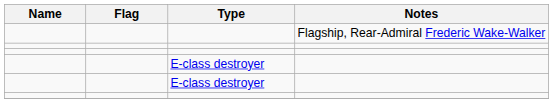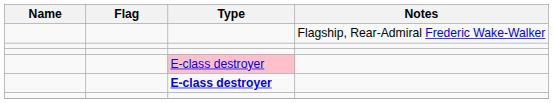 <table class="wikitable sortable">
 <tr>
 <th scope="col" width="100px">Name</th>
 <th scope="col" width="100px">Flag</th>
 <th scope="col" width="160px">Type</th>
 <th>Notes</th>
 </tr>
 <tr>
 <td></td>
 <td></td>
 <td></td>
 <td>Flagship, Rear-Admiral <a href='#'>Frederic Wake-Walker</a></td>
 </tr>
 <tr>
 <td></td>
 <td></td>
 <td></td>
 <td></td>
 </tr>
 <tr>
 <td></td>
 <td></td>
 <td></td>
 <td></td>
 </tr>
 <tr>
 <td></td>
 <td></td>
-<td><a href='#'>E-class destroyer</a></td>
+<td style="background: pink;"><a href='#'>E-class destroyer</a></td>
 <td></td>
 </tr>
 <tr>
 <td></td>
 <td></td>
-<td><a href='#'>E-class destroyer</a></td>
+<td><strong><a href='#'>E-class destroyer</a></strong></td>
 <td></td>
 </tr>
 <tr>
 <td></td>
 <td></td>
 <td></td>
 <td></td>
 </tr>
 <tr>
 </tr>
 </table>
